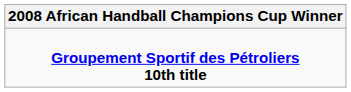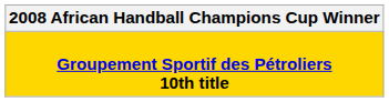 <table class=wikitable style="text-align:center; margin:auto">
 <tr>
 <th>2008 African Handball Champions Cup Winner</th>
 </tr>
 <tr>
-<td><br><strong><a href='#'>Groupement Sportif des Pétroliers</a></strong><br><strong>10th title</strong></td>
+<td style="background: gold;"><br><strong><a href='#'>Groupement Sportif des Pétroliers</a></strong><br><strong>10th title</strong></td>
 </tr>
 </table>
